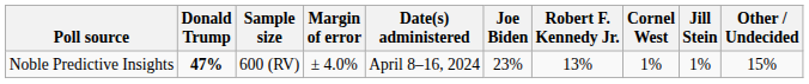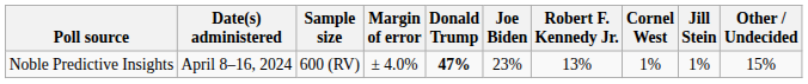 <table class="wikitable sortable mw-datatable" style="font-size:90%;text-align:center;line-height:17px">
 <tr valign=bottom>
 <th>Poll source</th>
-<th class="unsortable">Donald<br>Trump<br></th>
+<th>Date(s)<br>administered</th>
 <th>Sample<br>size</th>
 <th>Margin<br>of error</th>
-<th>Date(s)<br>administered</th>
+<th class="unsortable">Donald<br>Trump<br></th>
 <th class="unsortable">Joe<br>Biden<br></th>
 <th class="unsortable">Robert F.<br>Kennedy Jr.<br></th>
 <th class="unsortable">Cornel<br>West<br></th>
 <th class="unsortable">Jill<br>Stein<br></th>
 <th class="unsortable">Other /<br>Undecided</th>
 </tr>
 <tr>
 <td style="text-align:left;">Noble Predictive Insights</td>
-<td style="background-color:"><strong>47%</strong></td>
+<td data-sort-value="2024-01-21">April 8–16, 2024</td>
 <td>600 (RV)</td>
 <td>± 4.0%</td>
-<td data-sort-value="2024-01-21">April 8–16, 2024</td>
+<td style="background-color:"><strong>47%</strong></td>
 <td>23%</td>
 <td>13%</td>
 <td>1%</td>
 <td>1%</td>
 <td>15%</td>
 </tr>
 </table>
